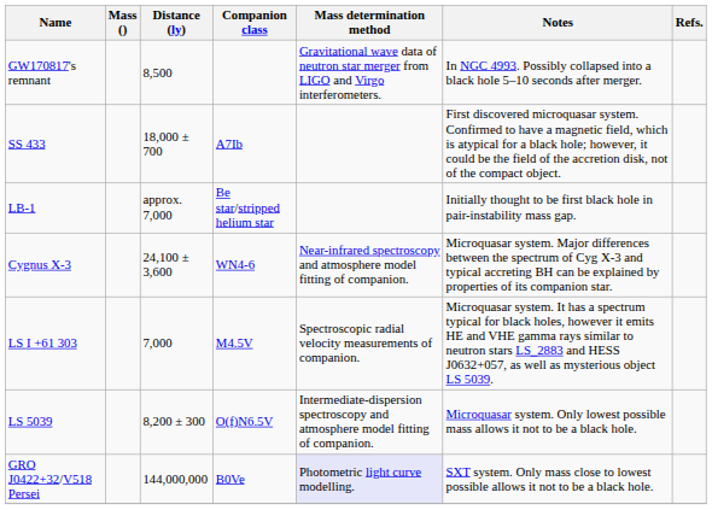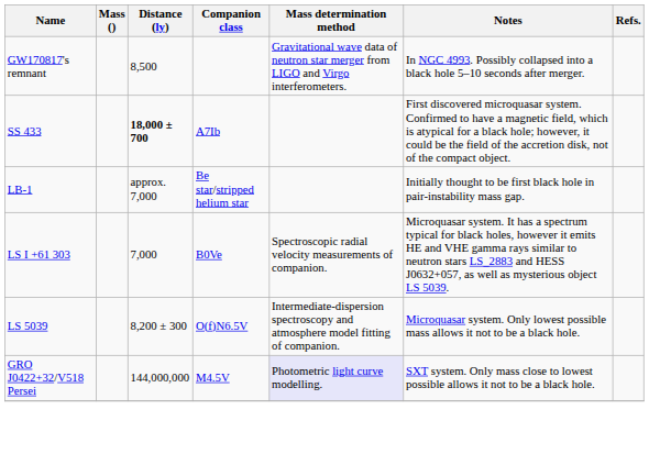 <table class="wikitable sortable sticky-header">
 <tr>
 <th scope="col" class="unsortable">Name</th>
 <th scope="col">Mass<br>()</th>
 <th scope="col">Distance<br>(<a href='#'>ly</a>)</th>
 <th scope="col">Companion <a href='#'>class</a></th>
 <th scope="col" class="unsortable">Mass determination method</th>
 <th scope="col" class="unsortable">Notes</th>
 <th scope="col" class="unsortable">Refs.</th>
 </tr>
 <tr>
 <td><a href='#'>GW170817</a>'s remnant</td>
 <td></td>
 <td>8,500</td>
 <td style="text-align: center;"></td>
 <td><a href='#'>Gravitational wave</a> data of <a href='#'>neutron star merger</a> from <a href='#'>LIGO</a> and <a href='#'>Virgo</a> interferometers.</td>
 <td>In <a href='#'>NGC 4993</a>. Possibly collapsed into a black hole 5–10 seconds after merger.</td>
 <td></td>
 </tr>
 <tr>
 <td><a href='#'>SS 433</a></td>
 <td></td>
-<td>18,000 ± 700</td>
+<td><strong>18,000 ± 700</strong></td>
 <td style="background: "><a href='#'>A7Ib</a></td>
 <td></td>
 <td>First discovered microquasar system. Confirmed to have a magnetic field, which is atypical for a black hole; however, it could be the field of the accretion disk, not of the compact object.</td>
 <td></td>
 </tr>
 <tr>
 <td><a href='#'>LB-1</a></td>
 <td></td>
 <td>approx. 7,000</td>
 <td style="background: "><a href='#'>Be star</a>/<a href='#'>stripped helium star</a></td>
 <td></td>
 <td>Initially thought to be first black hole in pair-instability mass gap.</td>
 <td></td>
 </tr>
 <tr>
-<td><a href='#'>Cygnus X-3</a></td>
-<td></td>
-<td>24,100 ± 3,600</td>
-<td style="background: "><a href='#'><span>WN4-6</span></a></td>
-<td><a href='#'>Near-infrared spectroscopy</a> and atmosphere model fitting of companion.</td>
-<td>Microquasar system. Major differences between the spectrum of Cyg X-3 and typical accreting BH can be explained by properties of its companion star.</td>
-<td></td>
-</tr>
-<tr>
 <td><a href='#'>LS I +61 303</a></td>
 <td></td>
 <td>7,000</td>
-<td style="background: "><a href='#'>M4.5V</a></td>
+<td style="background: "><a href='#'>B0Ve</a></td>
 <td>Spectroscopic radial velocity measurements of companion.</td>
 <td>Microquasar system. It has a spectrum typical for black holes, however it emits HE and VHE gamma rays similar to neutron stars <a href='#'>LS_2883</a> and HESS J0632+057, as well as mysterious object <a href='#'>LS 5039</a>.</td>
 <td></td>
 </tr>
 <tr>
 <td><a href='#'>LS 5039</a></td>
 <td></td>
 <td>8,200 ± 300</td>
 <td style="background: "><a href='#'>O(f)N6.5V</a></td>
 <td>Intermediate-dispersion spectroscopy and atmosphere model fitting of companion.</td>
 <td><a href='#'>Microquasar</a> system. Only lowest possible mass allows it not to be a black hole.</td>
 <td></td>
 </tr>
 <tr>
 <td><a href='#'>GRO J0422+32</a>/<a href='#'>V518 Persei</a></td>
 <td></td>
 <td>144,000,000</td>
-<td style="background: "><a href='#'>B0Ve</a></td>
+<td style="background: "><a href='#'>M4.5V</a></td>
 <td style="background: lavender;">Photometric <a href='#'>light curve</a> modelling.</td>
 <td><a href='#'>SXT</a> system. Only mass close to lowest possible allows it not to be a black hole.</td>
 <td></td>
 </tr>
 <tr>
 </tr>
 </table>
